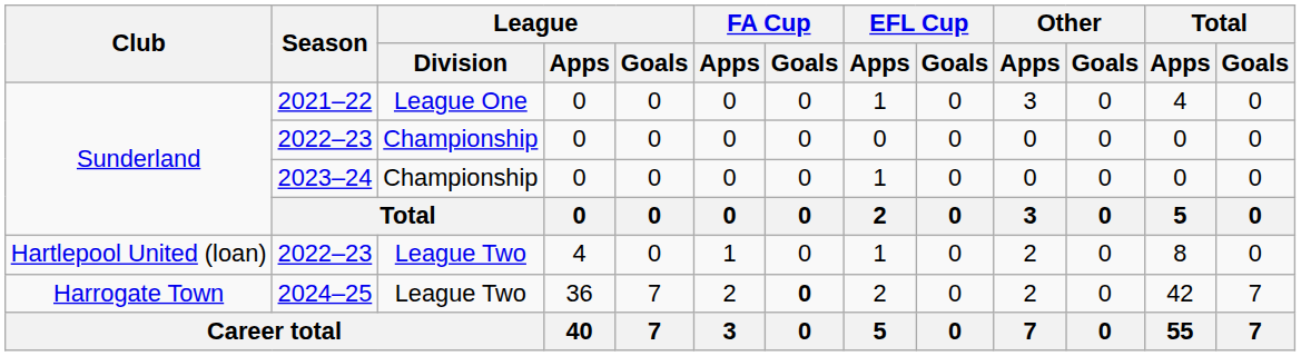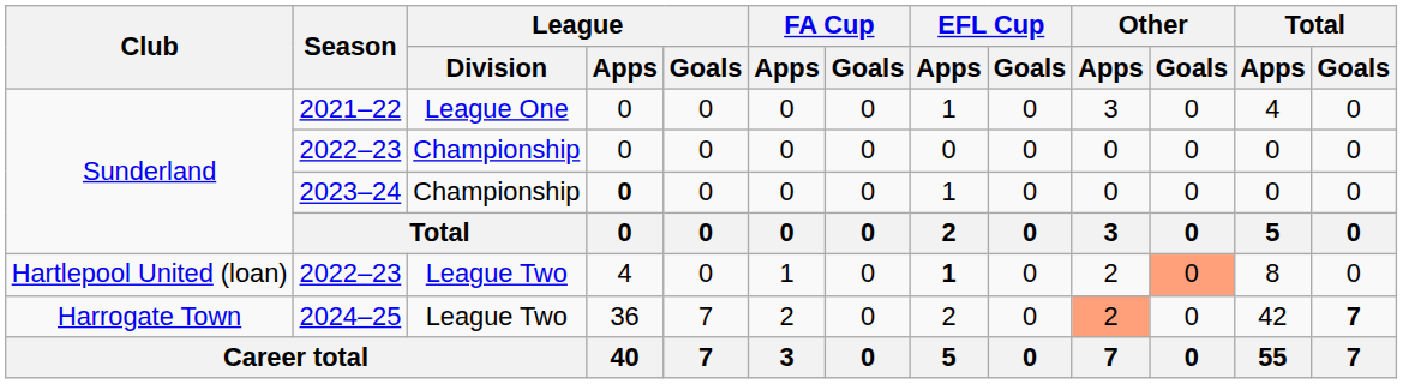 <table class="wikitable" style="text-align:center;">
 <tr>
 <th rowspan="2">Club</th>
 <th rowspan="2">Season</th>
 <th colspan="3">League</th>
 <th colspan="2"><a href='#'>FA Cup</a></th>
 <th colspan="2"><a href='#'>EFL Cup</a></th>
 <th colspan="2">Other</th>
 <th colspan="2">Total</th>
 </tr>
 <tr>
 <th>Division</th>
 <th>Apps</th>
 <th>Goals</th>
 <th>Apps</th>
 <th>Goals</th>
 <th>Apps</th>
 <th>Goals</th>
 <th>Apps</th>
 <th>Goals</th>
 <th>Apps</th>
 <th>Goals</th>
 </tr>
 <tr>
 <td rowspan="4"><a href='#'>Sunderland</a></td>
 <td><a href='#'>2021–22</a></td>
 <td><a href='#'>League One</a></td>
 <td>0</td>
 <td>0</td>
 <td>0</td>
 <td>0</td>
 <td>1</td>
 <td>0</td>
 <td>3</td>
 <td>0</td>
 <td>4</td>
 <td>0</td>
 </tr>
 <tr>
 <td><a href='#'>2022–23</a></td>
 <td><a href='#'>Championship</a></td>
 <td>0</td>
 <td>0</td>
 <td>0</td>
 <td>0</td>
 <td>0</td>
 <td>0</td>
 <td>0</td>
 <td>0</td>
 <td>0</td>
 <td>0</td>
 </tr>
 <tr>
 <td><a href='#'>2023–24</a></td>
 <td>Championship</td>
-<td>0</td>
+<td><strong>0</strong></td>
 <td>0</td>
 <td>0</td>
 <td>0</td>
 <td>1</td>
 <td>0</td>
 <td>0</td>
 <td>0</td>
 <td>0</td>
 <td>0</td>
 </tr>
 <tr>
 <th colspan="2">Total</th>
 <th>0</th>
 <th>0</th>
 <th>0</th>
 <th>0</th>
 <th>2</th>
 <th>0</th>
 <th>3</th>
 <th>0</th>
 <th>5</th>
 <th>0</th>
 </tr>
 <tr>
 <td><a href='#'>Hartlepool United</a> (loan)</td>
 <td><a href='#'>2022–23</a></td>
 <td><a href='#'>League Two</a></td>
 <td>4</td>
 <td>0</td>
 <td>1</td>
 <td>0</td>
-<td>1</td>
+<td><strong>1</strong></td>
 <td>0</td>
 <td>2</td>
-<td>0</td>
+<td style="background: lightsalmon;">0</td>
 <td>8</td>
 <td>0</td>
 </tr>
 <tr>
 <td><a href='#'>Harrogate Town</a></td>
 <td><a href='#'>2024–25</a></td>
 <td>League Two</td>
 <td>36</td>
 <td>7</td>
 <td>2</td>
-<td><strong>0</strong></td>
-<td>2</td>
 <td>0</td>
 <td>2</td>
 <td>0</td>
+<td style="background: lightsalmon;">2</td>
+<td>0</td>
 <td>42</td>
-<td>7</td>
+<td><strong>7</strong></td>
 </tr>
 <tr>
 <th colspan="3">Career total</th>
 <th>40</th>
 <th>7</th>
 <th>3</th>
 <th>0</th>
 <th>5</th>
 <th>0</th>
 <th>7</th>
 <th>0</th>
 <th>55</th>
 <th>7</th>
 </tr>
 </table>
